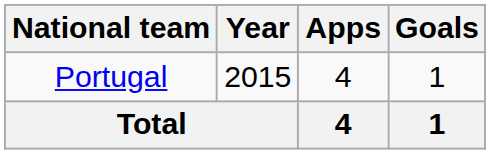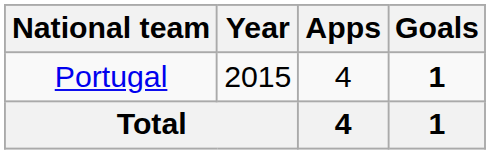 <table class=wikitable style=text-align:center>
 <tr>
 <th>National team</th>
 <th>Year</th>
 <th>Apps</th>
 <th>Goals</th>
 </tr>
 <tr>
 <td rowspan=1><a href='#'>Portugal</a></td>
 <td>2015</td>
 <td>4</td>
-<td>1</td>
+<td><strong>1</strong></td>
 </tr>
 <tr>
 <th colspan=2>Total</th>
 <th>4</th>
 <th>1</th>
 </tr>
 </table>
